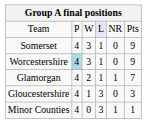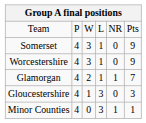 <table class="wikitable" style="float: right; margin-left: 1em; font-size: 90%; text-align: center;" cellspacing="5">
 <tr>
 <th colspan="6">Group A final positions</th>
 </tr>
 <tr>
 <td>Team</td>
 <td>P</td>
 <td>W</td>
-<td style="background: lavender;">L</td>
+<td>L</td>
 <td>NR</td>
 <td>Pts</td>
 </tr>
 <tr>
 <td>Somerset</td>
 <td>4</td>
 <td>3</td>
 <td>1</td>
 <td>0</td>
 <td>9</td>
 </tr>
 <tr>
 <td>Worcestershire</td>
-<td style="background: lightblue;">4</td>
+<td>4</td>
 <td>3</td>
 <td>1</td>
 <td>0</td>
 <td>9</td>
 </tr>
 <tr>
 <td>Glamorgan</td>
 <td>4</td>
 <td>2</td>
 <td>1</td>
 <td>1</td>
 <td>7</td>
 </tr>
 <tr>
 <td>Gloucestershire</td>
 <td>4</td>
 <td>1</td>
 <td>3</td>
 <td>0</td>
 <td>3</td>
 </tr>
 <tr>
 <td>Minor Counties</td>
 <td>4</td>
 <td>0</td>
 <td>3</td>
 <td>1</td>
 <td>1</td>
 </tr>
 </table>
